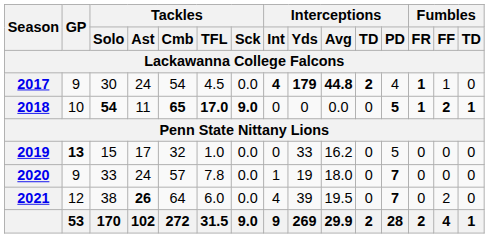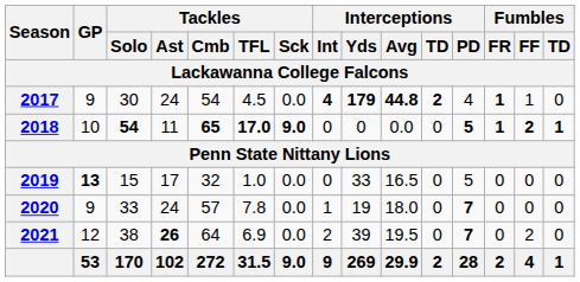 <table class="wikitable" style="text-align:center;">
 <tr>
 <th rowspan="2">Season</th>
 <th rowspan="2">GP</th>
 <th colspan="5">Tackles</th>
 <th colspan="5">Interceptions</th>
 <th colspan="3">Fumbles</th>
 </tr>
 <tr>
 <th>Solo</th>
 <th>Ast</th>
 <th>Cmb</th>
 <th>TFL</th>
 <th>Sck</th>
 <th>Int</th>
 <th>Yds</th>
 <th>Avg</th>
 <th>TD</th>
 <th>PD</th>
 <th>FR</th>
 <th>FF</th>
 <th>TD</th>
 </tr>
 <tr>
 <th colspan="15">Lackawanna College Falcons</th>
 </tr>
 <tr>
 <th><a href='#'>2017</a></th>
 <td>9</td>
 <td>30</td>
 <td>24</td>
 <td>54</td>
 <td>4.5</td>
 <td>0.0</td>
 <td><strong>4</strong></td>
 <td><strong>179</strong></td>
 <td><strong>44.8</strong></td>
 <td><strong>2</strong></td>
 <td>4</td>
 <td><strong>1</strong></td>
 <td>1</td>
 <td>0</td>
 </tr>
 <tr>
 <th><a href='#'>2018</a></th>
 <td>10</td>
 <td><strong>54</strong></td>
 <td>11</td>
 <td><strong>65</strong></td>
 <td><strong>17.0</strong></td>
 <td><strong>9.0</strong></td>
 <td>0</td>
 <td>0</td>
 <td>0.0</td>
 <td>0</td>
 <td><strong>5</strong></td>
 <td><strong>1</strong></td>
 <td><strong>2</strong></td>
 <td><strong>1</strong></td>
 </tr>
 <tr>
 <th colspan="15">Penn State Nittany Lions</th>
 </tr>
 <tr>
 <th><a href='#'>2019</a></th>
 <td><strong>13</strong></td>
 <td>15</td>
 <td>17</td>
 <td>32</td>
 <td>1.0</td>
 <td>0.0</td>
 <td>0</td>
 <td>33</td>
-<td>16.2</td>
+<td>16.5</td>
 <td>0</td>
 <td>5</td>
 <td>0</td>
 <td>0</td>
 <td>0</td>
 </tr>
 <tr>
 <th><a href='#'>2020</a></th>
 <td>9</td>
 <td>33</td>
 <td>24</td>
 <td>57</td>
 <td>7.8</td>
 <td>0.0</td>
 <td>1</td>
 <td>19</td>
 <td>18.0</td>
 <td>0</td>
 <td><strong>7</strong></td>
 <td>0</td>
 <td>0</td>
 <td>0</td>
 </tr>
 <tr>
 <th><a href='#'>2021</a></th>
 <td>12</td>
 <td>38</td>
 <td><strong>26</strong></td>
 <td>64</td>
-<td>6.0</td>
+<td>6.9</td>
 <td>0.0</td>
-<td>4</td>
+<td>2</td>
 <td>39</td>
 <td>19.5</td>
 <td>0</td>
 <td><strong>7</strong></td>
 <td>0</td>
 <td>2</td>
 <td>0</td>
 </tr>
 <tr>
 <th></th>
 <th>53</th>
 <th>170</th>
 <th>102</th>
 <th>272</th>
 <th>31.5</th>
 <th>9.0</th>
 <th>9</th>
 <th>269</th>
 <th>29.9</th>
 <th>2</th>
 <th>28</th>
 <th>2</th>
 <th>4</th>
 <th>1</th>
 </tr>
 </table>
